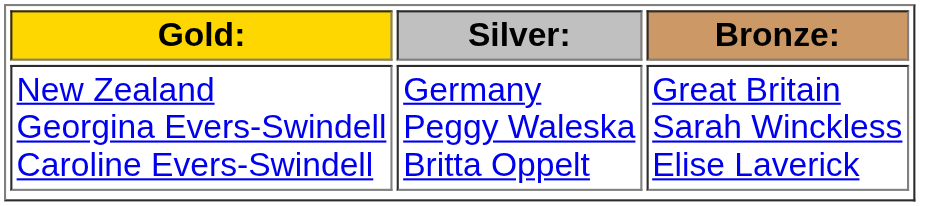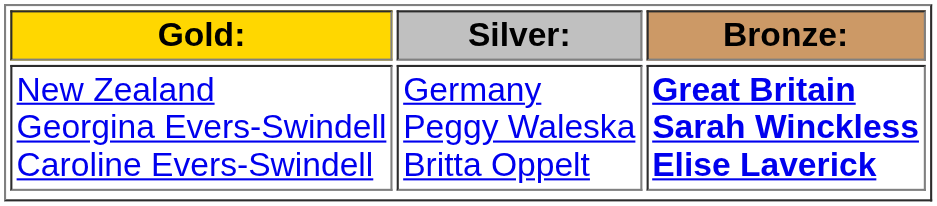 <table border="1" Cellpadding="2">
 <tr>
 <td style="text-align:center;background-color:gold;"><strong>Gold:</strong></td>
 <td style="text-align:center;background-color:silver;"><strong>Silver:</strong></td>
 <td style="text-align:center;background-color:#CC9966;"><strong>Bronze:</strong></td>
 </tr>
 <tr>
 <td> <a href='#'>New Zealand</a> <br><a href='#'>Georgina Evers-Swindell</a><br><a href='#'>Caroline Evers-Swindell</a></td>
 <td> <a href='#'>Germany</a> <br><a href='#'>Peggy Waleska</a><br><a href='#'>Britta Oppelt</a></td>
-<td> <a href='#'>Great Britain</a> <br><a href='#'>Sarah Winckless</a><br><a href='#'>Elise Laverick</a></td>
+<td><strong> <a href='#'>Great Britain</a> <br><a href='#'>Sarah Winckless</a><br><a href='#'>Elise Laverick</a></strong></td>
 </tr>
 <tr>
 </tr>
 </table>
